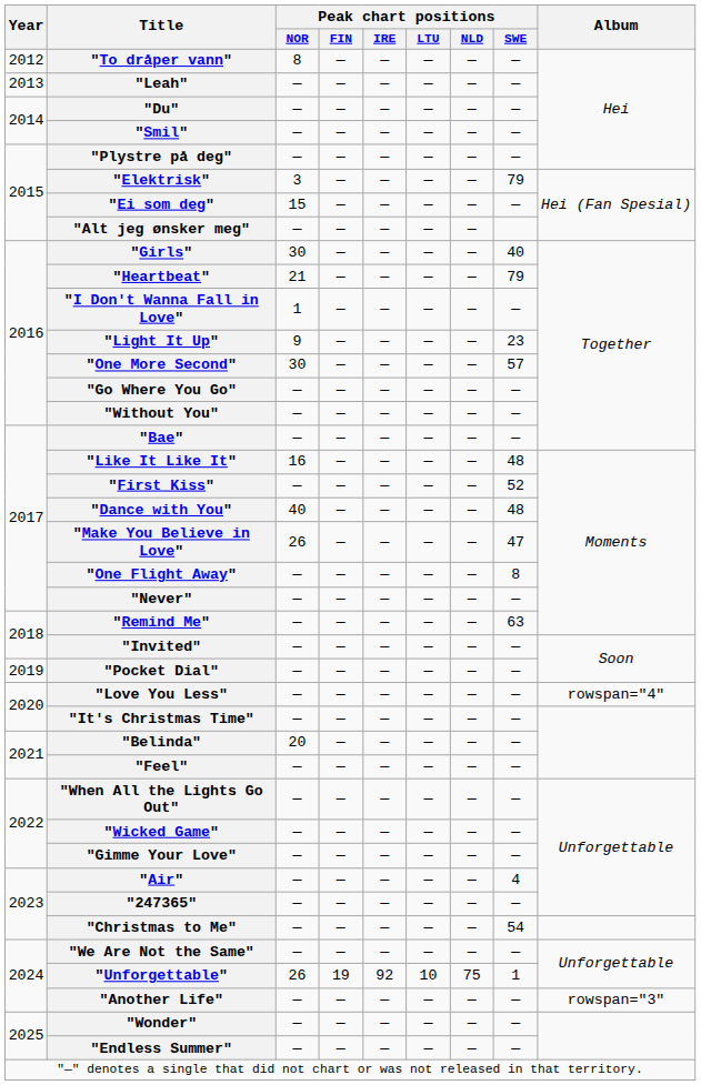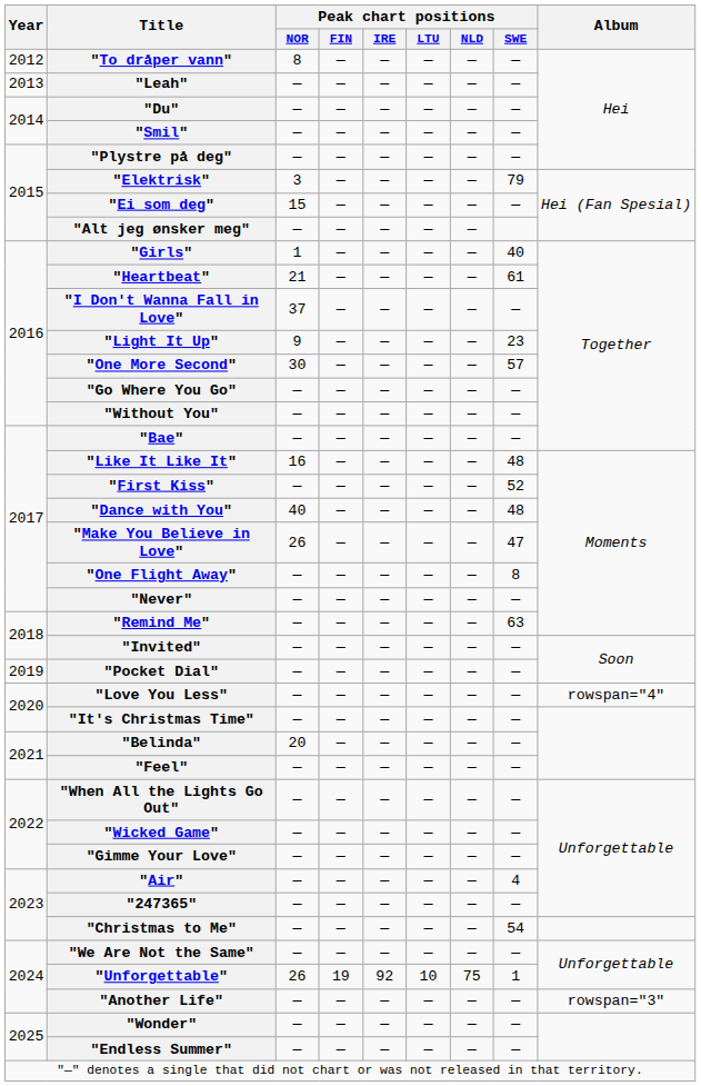 <table class="wikitable plainrowheaders" style="text-align:center;">
 <tr>
 <th scope="col" rowspan="2" style="width:1em;">Year</th>
 <th scope="col" rowspan="2" style="width:15em;">Title</th>
 <th scope="col" colspan="6">Peak chart positions</th>
 <th scope="col" rowspan="2">Album</th>
 </tr>
 <tr>
 <th scope="col" style="width:3em;font-size:85%;"><a href='#'>NOR</a><br></th>
 <th scope="col" style="width:3em;font-size:85%;"><a href='#'>FIN</a><br></th>
 <th scope="col" style="width:3em;font-size:85%;"><a href='#'>IRE</a><br></th>
 <th scope="col" style="width:3em;font-size:85%;"><a href='#'>LTU</a><br></th>
 <th scope="col" style="width:3em;font-size:85%;"><a href='#'>NLD</a><br></th>
 <th scope="col" style="width:3em;font-size:85%;"><a href='#'>SWE</a><br></th>
 </tr>
 <tr>
 <td>2012</td>
 <th scope="row">"<a href='#'>To dråper vann</a>"</th>
 <td>8</td>
 <td>—</td>
 <td>—</td>
 <td>—</td>
 <td>—</td>
 <td>—</td>
 <td rowspan="5"><em>Hei</em></td>
 </tr>
 <tr>
 <td>2013</td>
 <th scope="row">"Leah"</th>
 <td>—</td>
 <td>—</td>
 <td>—</td>
 <td>—</td>
 <td>—</td>
 <td>—</td>
 </tr>
 <tr>
 <td rowspan="2">2014</td>
 <th scope="row">"Du"</th>
 <td>—</td>
 <td>—</td>
 <td>—</td>
 <td>—</td>
 <td>—</td>
 <td>—</td>
 </tr>
 <tr>
 <th scope="row">"<a href='#'>Smil</a>"</th>
 <td>—</td>
 <td>—</td>
 <td>—</td>
 <td>—</td>
 <td>—</td>
 <td>—</td>
 </tr>
 <tr>
 <td rowspan="4">2015</td>
 <th scope="row">"Plystre på deg"</th>
 <td>—</td>
 <td>—</td>
 <td>—</td>
 <td>—</td>
 <td>—</td>
 <td>—</td>
 </tr>
 <tr>
 <th scope="row">"<a href='#'>Elektrisk</a>"<br></th>
 <td>3</td>
 <td>—</td>
 <td>—</td>
 <td>—</td>
 <td>—</td>
 <td>79</td>
 <td rowspan="3"><em>Hei (Fan Spesial)</em></td>
 </tr>
 <tr>
 <th scope="row">"<a href='#'>Ei som deg</a>"<br></th>
 <td>15</td>
 <td>—</td>
 <td>—</td>
 <td>—</td>
 <td>—</td>
 <td>—</td>
 </tr>
 <tr>
 <th scope="row">"Alt jeg ønsker meg"</th>
 <td>—</td>
 <td>—</td>
 <td>—</td>
 <td>—</td>
 <td>—</td>
 </tr>
 <tr>
 <td rowspan="7">2016</td>
 <th scope="row">"<a href='#'>Girls</a>"<br></th>
-<td>30</td>
+<td>1</td>
 <td>—</td>
 <td>—</td>
 <td>—</td>
 <td>—</td>
 <td>40</td>
 <td rowspan="8"><em>Together</em></td>
 </tr>
 <tr>
 <th scope="row">"<a href='#'>Heartbeat</a>"</th>
 <td>21</td>
 <td>—</td>
 <td>—</td>
 <td>—</td>
 <td>—</td>
-<td>79</td>
+<td>61</td>
 </tr>
 <tr>
 <th scope="row">"<a href='#'>I Don't Wanna Fall in Love</a>"</th>
-<td>1</td>
+<td>37</td>
 <td>—</td>
 <td>—</td>
 <td>—</td>
 <td>—</td>
 <td>—</td>
 </tr>
 <tr>
 <th scope="row">"<a href='#'>Light It Up</a>"<br></th>
 <td>9</td>
 <td>—</td>
 <td>—</td>
 <td>—</td>
 <td>—</td>
 <td>23</td>
 </tr>
 <tr>
 <th scope="row">"<a href='#'>One More Second</a>"</th>
 <td>30</td>
 <td>—</td>
 <td>—</td>
 <td>—</td>
 <td>—</td>
 <td>57</td>
 </tr>
 <tr>
 <th scope="row">"Go Where You Go"</th>
 <td>—</td>
 <td>—</td>
 <td>—</td>
 <td>—</td>
 <td>—</td>
 <td>—</td>
 </tr>
 <tr>
 <th scope="row">"Without You"</th>
 <td>—</td>
 <td>—</td>
 <td>—</td>
 <td>—</td>
 <td>—</td>
 <td>—</td>
 </tr>
 <tr>
 <td rowspan="7">2017</td>
 <th scope="row">"<a href='#'>Bae</a>"</th>
 <td>—</td>
 <td>—</td>
 <td>—</td>
 <td>—</td>
 <td>—</td>
 <td>—</td>
 </tr>
 <tr>
 <th scope="row">"<a href='#'>Like It Like It</a>"<br></th>
 <td>16</td>
 <td>—</td>
 <td>—</td>
 <td>—</td>
 <td>—</td>
 <td>48</td>
 <td rowspan="7"><em>Moments</em></td>
 </tr>
 <tr>
 <th scope="row">"<a href='#'>First Kiss</a>"</th>
 <td>—</td>
 <td>—</td>
 <td>—</td>
 <td>—</td>
 <td>—</td>
 <td>52</td>
 </tr>
 <tr>
 <th scope="row">"<a href='#'>Dance with You</a>"</th>
 <td>40</td>
 <td>—</td>
 <td>—</td>
 <td>—</td>
 <td>—</td>
 <td>48</td>
 </tr>
 <tr>
 <th scope="row">"<a href='#'>Make You Believe in Love</a>"</th>
 <td>26</td>
 <td>—</td>
 <td>—</td>
 <td>—</td>
 <td>—</td>
 <td>47</td>
 </tr>
 <tr>
 <th scope="row">"<a href='#'>One Flight Away</a>"</th>
 <td>—</td>
 <td>—</td>
 <td>—</td>
 <td>—</td>
 <td>—</td>
 <td>8</td>
 </tr>
 <tr>
 <th scope="row">"Never"<br></th>
 <td>—</td>
 <td>—</td>
 <td>—</td>
 <td>—</td>
 <td>—</td>
 <td>—</td>
 </tr>
 <tr>
 <td rowspan="2">2018</td>
 <th scope="row">"<a href='#'>Remind Me</a>"</th>
 <td>—</td>
 <td>—</td>
 <td>—</td>
 <td>—</td>
 <td>—</td>
 <td>63</td>
 </tr>
 <tr>
 <th scope="row">"Invited"</th>
 <td>—</td>
 <td>—</td>
 <td>—</td>
 <td>—</td>
 <td>—</td>
 <td>—</td>
 <td rowspan="2"><em>Soon</em></td>
 </tr>
 <tr>
 <td>2019</td>
 <th scope="row">"Pocket Dial"</th>
 <td>—</td>
 <td>—</td>
 <td>—</td>
 <td>—</td>
 <td>—</td>
 <td>—</td>
 </tr>
 <tr>
 <td rowspan="2">2020</td>
 <th scope="row">"Love You Less"</th>
 <td>—</td>
 <td>—</td>
 <td>—</td>
 <td>—</td>
 <td>—</td>
 <td>—</td>
 <td>rowspan="4" </td>
 </tr>
 <tr>
 <th scope="row">"It's Christmas Time"</th>
 <td>—</td>
 <td>—</td>
 <td>—</td>
 <td>—</td>
 <td>—</td>
 <td>—</td>
 </tr>
 <tr>
 <td rowspan="2">2021</td>
 <th scope="row">"Belinda"<br></th>
 <td>20</td>
 <td>—</td>
 <td>—</td>
 <td>—</td>
 <td>—</td>
 <td>—</td>
 </tr>
 <tr>
 <th scope="row">"Feel"<br></th>
 <td>—</td>
 <td>—</td>
 <td>—</td>
 <td>—</td>
 <td>—</td>
 <td>—</td>
 </tr>
 <tr>
 <td rowspan="3">2022</td>
 <th scope="row">"When All the Lights Go Out"</th>
 <td>—</td>
 <td>—</td>
 <td>—</td>
 <td>—</td>
 <td>—</td>
 <td>—</td>
 <td rowspan="5"><em>Unforgettable</em></td>
 </tr>
 <tr>
 <th scope="row">"<a href='#'>Wicked Game</a>"</th>
 <td>—</td>
 <td>—</td>
 <td>—</td>
 <td>—</td>
 <td>—</td>
 <td>—</td>
 </tr>
 <tr>
 <th scope="row">"Gimme Your Love"<br></th>
 <td>—</td>
 <td>—</td>
 <td>—</td>
 <td>—</td>
 <td>—</td>
 <td>—</td>
 </tr>
 <tr>
 <td rowspan="3">2023</td>
 <th scope="row">"<a href='#'>Air</a>"</th>
 <td>—</td>
 <td>—</td>
 <td>—</td>
 <td>—</td>
 <td>—</td>
 <td>4</td>
 </tr>
 <tr>
 <th scope="row">"247365"</th>
 <td>—</td>
 <td>—</td>
 <td>—</td>
 <td>—</td>
 <td>—</td>
 <td>—</td>
 </tr>
 <tr>
 <th scope="row">"Christmas to Me"</th>
 <td>—</td>
 <td>—</td>
 <td>—</td>
 <td>—</td>
 <td>—</td>
 <td>54</td>
 <td></td>
 </tr>
 <tr>
 <td rowspan="3">2024</td>
 <th scope="row">"We Are Not the Same"<br></th>
 <td>—</td>
 <td>—</td>
 <td>—</td>
 <td>—</td>
 <td>—</td>
 <td>—</td>
 <td rowspan="2"><em>Unforgettable</em></td>
 </tr>
 <tr>
 <th scope="row">"<a href='#'>Unforgettable</a>"</th>
 <td>26</td>
 <td>19</td>
 <td>92</td>
 <td>10</td>
 <td>75</td>
 <td>1</td>
 </tr>
 <tr>
 <th scope="row">"Another Life"<br></th>
 <td>—</td>
 <td>—</td>
 <td>—</td>
 <td>—</td>
 <td>—</td>
 <td>—</td>
 <td>rowspan="3" </td>
 </tr>
 <tr>
 <td rowspan="2">2025</td>
 <th scope="row">"Wonder"</th>
 <td>—</td>
 <td>—</td>
 <td>—</td>
 <td>—</td>
 <td>—</td>
 <td>—</td>
 </tr>
 <tr>
 <th scope="row">"Endless Summer"</th>
 <td>—</td>
 <td>—</td>
 <td>—</td>
 <td>—</td>
 <td>—</td>
 <td>—</td>
 </tr>
 <tr>
 <td colspan="9" style="font-size:85%">"—" denotes a single that did not chart or was not released in that territory.</td>
 </tr>
 </table>
